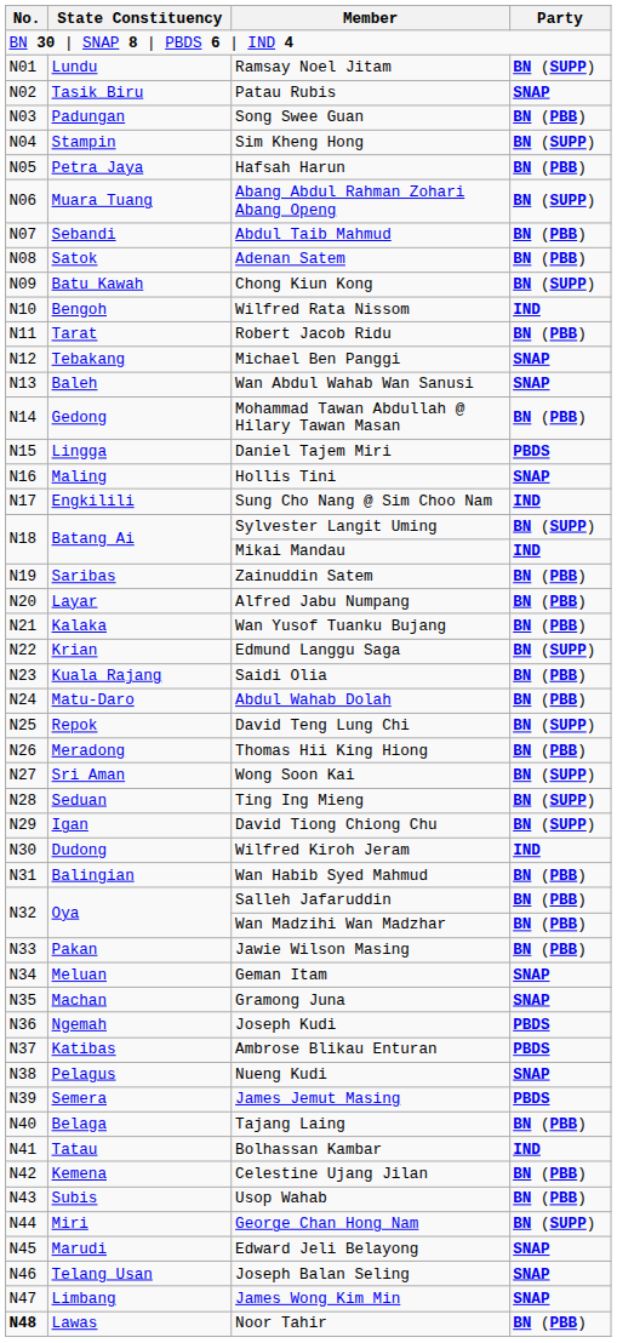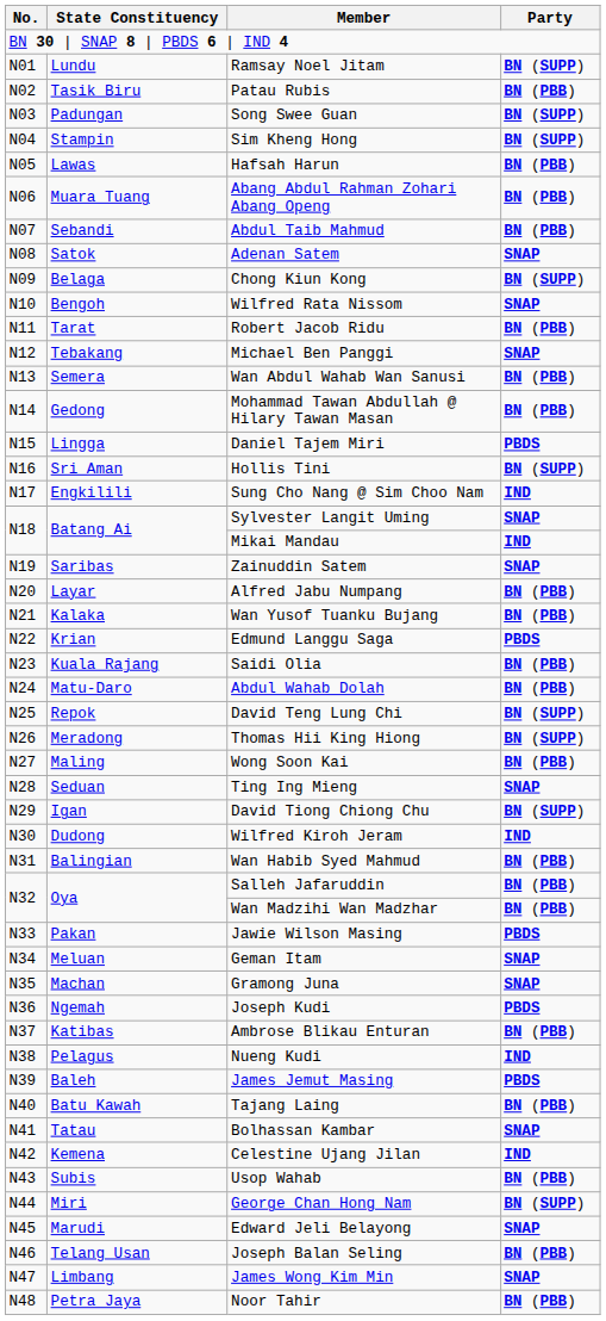 <table class="wikitable sortable">
 <tr>
 <th style="width:30px;">No.</th>
 <th style="width:150px;">State Constituency</th>
 <th style="width:230px;">Member</th>
 <th style="width:80px;">Party</th>
 </tr>
 <tr>
 <td colspan="4"><a href='#'>BN</a> <strong>30</strong> | <a href='#'>SNAP</a> <strong>8</strong> | <a href='#'>PBDS</a> <strong>6</strong> | <a href='#'>IND</a> <strong>4</strong></td>
 </tr>
 <tr>
 <td>N01</td>
 <td><a href='#'>Lundu</a></td>
 <td>Ramsay Noel Jitam</td>
 <td><strong><a href='#'>BN</a></strong> (<strong><a href='#'>SUPP</a></strong>)</td>
 </tr>
 <tr>
 <td>N02</td>
 <td><a href='#'>Tasik Biru</a></td>
 <td>Patau Rubis</td>
-<td><strong><a href='#'>SNAP</a></strong></td>
+<td><strong><a href='#'>BN</a></strong> (<strong><a href='#'>PBB</a></strong>)</td>
 </tr>
 <tr>
 <td>N03</td>
 <td><a href='#'>Padungan</a></td>
 <td>Song Swee Guan</td>
-<td><strong><a href='#'>BN</a></strong> (<strong><a href='#'>PBB</a></strong>)</td>
+<td><strong><a href='#'>BN</a></strong> (<strong><a href='#'>SUPP</a></strong>)</td>
 </tr>
 <tr>
 <td>N04</td>
 <td><a href='#'>Stampin</a></td>
 <td>Sim Kheng Hong</td>
 <td><strong><a href='#'>BN</a></strong> (<strong><a href='#'>SUPP</a></strong>)</td>
 </tr>
 <tr>
 <td>N05</td>
-<td><a href='#'>Petra Jaya</a></td>
+<td><a href='#'>Lawas</a></td>
 <td>Hafsah Harun</td>
 <td><strong><a href='#'>BN</a></strong> (<strong><a href='#'>PBB</a></strong>)</td>
 </tr>
 <tr>
 <td>N06</td>
 <td><a href='#'>Muara Tuang</a></td>
 <td><a href='#'>Abang Abdul Rahman Zohari Abang Openg</a></td>
-<td><strong><a href='#'>BN</a></strong> (<strong><a href='#'>SUPP</a></strong>)</td>
+<td><strong><a href='#'>BN</a></strong> (<strong><a href='#'>PBB</a></strong>)</td>
 </tr>
 <tr>
 <td>N07</td>
 <td><a href='#'>Sebandi</a></td>
 <td><a href='#'>Abdul Taib Mahmud</a></td>
 <td><strong><a href='#'>BN</a></strong> (<strong><a href='#'>PBB</a></strong>)</td>
 </tr>
 <tr>
 <td>N08</td>
 <td><a href='#'>Satok</a></td>
 <td><a href='#'>Adenan Satem</a></td>
-<td><strong><a href='#'>BN</a></strong> (<strong><a href='#'>PBB</a></strong>)</td>
+<td><strong><a href='#'>SNAP</a></strong></td>
 </tr>
 <tr>
 <td>N09</td>
-<td><a href='#'>Batu Kawah</a></td>
+<td><a href='#'>Belaga</a></td>
 <td>Chong Kiun Kong</td>
 <td><strong><a href='#'>BN</a></strong> (<strong><a href='#'>SUPP</a></strong>)</td>
 </tr>
 <tr>
 <td>N10</td>
 <td><a href='#'>Bengoh</a></td>
 <td>Wilfred Rata Nissom</td>
-<td><strong><a href='#'>IND</a></strong></td>
+<td><strong><a href='#'>SNAP</a></strong></td>
 </tr>
 <tr>
 <td>N11</td>
 <td><a href='#'>Tarat</a></td>
 <td>Robert Jacob Ridu</td>
 <td><strong><a href='#'>BN</a></strong> (<strong><a href='#'>PBB</a></strong>)</td>
 </tr>
 <tr>
 <td>N12</td>
 <td><a href='#'>Tebakang</a></td>
 <td>Michael Ben Panggi</td>
 <td><strong><a href='#'>SNAP</a></strong></td>
 </tr>
 <tr>
 <td>N13</td>
-<td><a href='#'>Baleh</a></td>
+<td><a href='#'>Semera</a></td>
 <td>Wan Abdul Wahab Wan Sanusi</td>
-<td><strong><a href='#'>SNAP</a></strong></td>
+<td><strong><a href='#'>BN</a></strong> (<strong><a href='#'>PBB</a></strong>)</td>
 </tr>
 <tr>
 <td>N14</td>
 <td><a href='#'>Gedong</a></td>
 <td>Mohammad Tawan Abdullah @ Hilary Tawan Masan</td>
 <td><strong><a href='#'>BN</a></strong> (<strong><a href='#'>PBB</a></strong>)</td>
 </tr>
 <tr>
 <td>N15</td>
 <td><a href='#'>Lingga</a></td>
 <td>Daniel Tajem Miri</td>
 <td><strong><a href='#'>PBDS</a></strong></td>
 </tr>
 <tr>
 <td>N16</td>
-<td><a href='#'>Maling</a></td>
+<td><a href='#'>Sri Aman</a></td>
 <td>Hollis Tini</td>
-<td><strong><a href='#'>SNAP</a></strong></td>
+<td><strong><a href='#'>BN</a></strong> (<strong><a href='#'>SUPP</a></strong>)</td>
 </tr>
 <tr>
 <td>N17</td>
 <td><a href='#'>Engkilili</a></td>
 <td>Sung Cho Nang @ Sim Choo Nam</td>
 <td><strong><a href='#'>IND</a></strong></td>
 </tr>
 <tr>
 <td rowspan=2>N18</td>
 <td rowspan=2><a href='#'>Batang Ai</a></td>
 <td>Sylvester Langit Uming <br></td>
-<td><strong><a href='#'>BN</a></strong> (<strong><a href='#'>SUPP</a></strong>)</td>
+<td><strong><a href='#'>SNAP</a></strong></td>
 </tr>
 <tr>
 <td>Mikai Mandau<br></td>
 <td><strong><a href='#'>IND</a></strong></td>
 </tr>
 <tr>
 <td>N19</td>
 <td><a href='#'>Saribas</a></td>
 <td>Zainuddin Satem</td>
-<td><strong><a href='#'>BN</a></strong> (<strong><a href='#'>PBB</a></strong>)</td>
+<td><strong><a href='#'>SNAP</a></strong></td>
 </tr>
 <tr>
 <td>N20</td>
 <td><a href='#'>Layar</a></td>
 <td>Alfred Jabu Numpang</td>
 <td><strong><a href='#'>BN</a></strong> (<strong><a href='#'>PBB</a></strong>)</td>
 </tr>
 <tr>
 <td>N21</td>
 <td><a href='#'>Kalaka</a></td>
 <td>Wan Yusof Tuanku Bujang</td>
 <td><strong><a href='#'>BN</a></strong> (<strong><a href='#'>PBB</a></strong>)</td>
 </tr>
 <tr>
 <td>N22</td>
 <td><a href='#'>Krian</a></td>
 <td>Edmund Langgu Saga</td>
-<td><strong><a href='#'>BN</a></strong> (<strong><a href='#'>SUPP</a></strong>)</td>
+<td><strong><a href='#'>PBDS</a></strong></td>
 </tr>
 <tr>
 <td>N23</td>
 <td><a href='#'>Kuala Rajang</a></td>
 <td>Saidi Olia</td>
 <td><strong><a href='#'>BN</a></strong> (<strong><a href='#'>PBB</a></strong>)</td>
 </tr>
 <tr>
 <td>N24</td>
 <td><a href='#'>Matu-Daro</a></td>
 <td><a href='#'>Abdul Wahab Dolah</a></td>
 <td><strong><a href='#'>BN</a></strong> (<strong><a href='#'>PBB</a></strong>)</td>
 </tr>
 <tr>
 <td>N25</td>
 <td><a href='#'>Repok</a></td>
 <td>David Teng Lung Chi</td>
 <td><strong><a href='#'>BN</a></strong> (<strong><a href='#'>SUPP</a></strong>)</td>
 </tr>
 <tr>
 <td>N26</td>
 <td><a href='#'>Meradong</a></td>
 <td>Thomas Hii King Hiong</td>
-<td><strong><a href='#'>BN</a></strong> (<strong><a href='#'>PBB</a></strong>)</td>
+<td><strong><a href='#'>BN</a></strong> (<strong><a href='#'>SUPP</a></strong>)</td>
 </tr>
 <tr>
 <td>N27</td>
-<td><a href='#'>Sri Aman</a></td>
+<td><a href='#'>Maling</a></td>
 <td>Wong Soon Kai</td>
-<td><strong><a href='#'>BN</a></strong> (<strong><a href='#'>SUPP</a></strong>)</td>
+<td><strong><a href='#'>BN</a></strong> (<strong><a href='#'>PBB</a></strong>)</td>
 </tr>
 <tr>
 <td>N28</td>
 <td><a href='#'>Seduan</a></td>
 <td>Ting Ing Mieng</td>
-<td><strong><a href='#'>BN</a></strong> (<strong><a href='#'>SUPP</a></strong>)</td>
+<td><strong><a href='#'>SNAP</a></strong></td>
 </tr>
 <tr>
 <td>N29</td>
 <td><a href='#'>Igan</a></td>
 <td>David Tiong Chiong Chu</td>
 <td><strong><a href='#'>BN</a></strong> (<strong><a href='#'>SUPP</a></strong>)</td>
 </tr>
 <tr>
 <td>N30</td>
 <td><a href='#'>Dudong</a></td>
 <td>Wilfred Kiroh Jeram</td>
 <td><strong><a href='#'>IND</a></strong></td>
 </tr>
 <tr>
 <td>N31</td>
 <td><a href='#'>Balingian</a></td>
 <td>Wan Habib Syed Mahmud</td>
 <td><strong><a href='#'>BN</a></strong> (<strong><a href='#'>PBB</a></strong>)</td>
 </tr>
 <tr>
 <td rowspan=2>N32</td>
 <td rowspan=2><a href='#'>Oya</a></td>
 <td>Salleh Jafaruddin<br></td>
 <td><strong><a href='#'>BN</a></strong> (<strong><a href='#'>PBB</a></strong>)</td>
 </tr>
 <tr>
 <td>Wan Madzihi Wan Madzhar<br></td>
 <td><strong><a href='#'>BN</a></strong> (<strong><a href='#'>PBB</a></strong>)</td>
 </tr>
 <tr>
 <td>N33</td>
 <td><a href='#'>Pakan</a></td>
 <td>Jawie Wilson Masing</td>
-<td><strong><a href='#'>BN</a></strong> (<strong><a href='#'>PBB</a></strong>)</td>
+<td><strong><a href='#'>PBDS</a></strong></td>
 </tr>
 <tr>
 <td>N34</td>
 <td><a href='#'>Meluan</a></td>
 <td>Geman Itam</td>
 <td><strong><a href='#'>SNAP</a></strong></td>
 </tr>
 <tr>
 <td>N35</td>
 <td><a href='#'>Machan</a></td>
 <td>Gramong Juna</td>
 <td><strong><a href='#'>SNAP</a></strong></td>
 </tr>
 <tr>
 <td>N36</td>
 <td><a href='#'>Ngemah</a></td>
 <td>Joseph Kudi</td>
 <td><strong><a href='#'>PBDS</a></strong></td>
 </tr>
 <tr>
 <td>N37</td>
 <td><a href='#'>Katibas</a></td>
 <td>Ambrose Blikau Enturan</td>
-<td><strong><a href='#'>PBDS</a></strong></td>
+<td><strong><a href='#'>BN</a></strong> (<strong><a href='#'>PBB</a></strong>)</td>
 </tr>
 <tr>
 <td>N38</td>
 <td><a href='#'>Pelagus</a></td>
 <td>Nueng Kudi</td>
-<td><strong><a href='#'>SNAP</a></strong></td>
+<td><strong><a href='#'>IND</a></strong></td>
 </tr>
 <tr>
 <td>N39</td>
-<td><a href='#'>Semera</a></td>
+<td><a href='#'>Baleh</a></td>
 <td><a href='#'>James Jemut Masing</a></td>
 <td><strong><a href='#'>PBDS</a></strong></td>
 </tr>
 <tr>
 <td>N40</td>
-<td><a href='#'>Belaga</a></td>
+<td><a href='#'>Batu Kawah</a></td>
 <td>Tajang Laing</td>
 <td><strong><a href='#'>BN</a></strong> (<strong><a href='#'>PBB</a></strong>)</td>
 </tr>
 <tr>
 <td>N41</td>
 <td><a href='#'>Tatau</a></td>
 <td>Bolhassan Kambar</td>
-<td><strong><a href='#'>IND</a></strong></td>
+<td><strong><a href='#'>SNAP</a></strong></td>
 </tr>
 <tr>
 <td>N42</td>
 <td><a href='#'>Kemena</a></td>
 <td>Celestine Ujang Jilan</td>
-<td><strong><a href='#'>BN</a></strong> (<strong><a href='#'>PBB</a></strong>)</td>
+<td><strong><a href='#'>IND</a></strong></td>
 </tr>
 <tr>
 <td>N43</td>
 <td><a href='#'>Subis</a></td>
 <td>Usop Wahab</td>
 <td><strong><a href='#'>BN</a></strong> (<strong><a href='#'>PBB</a></strong>)</td>
 </tr>
 <tr>
 <td>N44</td>
 <td><a href='#'>Miri</a></td>
 <td><a href='#'>George Chan Hong Nam</a></td>
 <td><strong><a href='#'>BN</a></strong> (<strong><a href='#'>SUPP</a></strong>)</td>
 </tr>
 <tr>
 <td>N45</td>
 <td><a href='#'>Marudi</a></td>
 <td>Edward Jeli Belayong</td>
 <td><strong><a href='#'>SNAP</a></strong></td>
 </tr>
 <tr>
 <td>N46</td>
 <td><a href='#'>Telang Usan</a></td>
 <td>Joseph Balan Seling</td>
-<td><strong><a href='#'>SNAP</a></strong></td>
+<td><strong><a href='#'>BN</a></strong> (<strong><a href='#'>PBB</a></strong>)</td>
 </tr>
 <tr>
 <td>N47</td>
 <td><a href='#'>Limbang</a></td>
 <td><a href='#'>James Wong Kim Min</a></td>
 <td><strong><a href='#'>SNAP</a></strong></td>
 </tr>
 <tr>
-<td><strong>N48</strong></td>
-<td><a href='#'>Lawas</a></td>
+<td>N48</td>
+<td><a href='#'>Petra Jaya</a></td>
 <td>Noor Tahir</td>
 <td><strong><a href='#'>BN</a></strong> (<strong><a href='#'>PBB</a></strong>)</td>
 </tr>
 </table>
